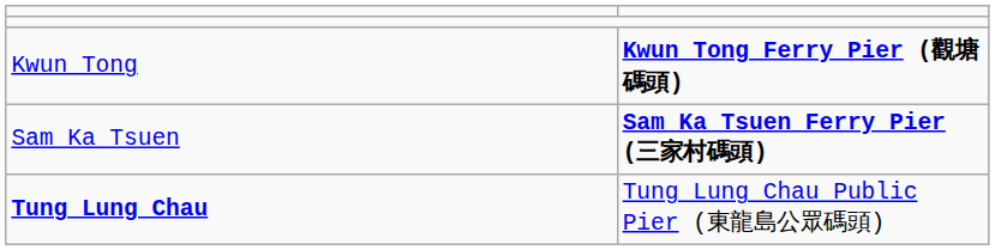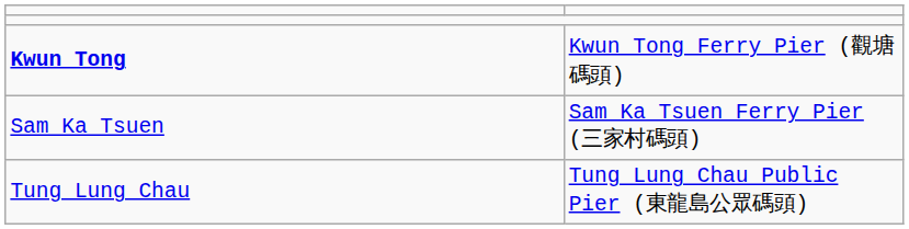 <table class="wikitable">
 <tr>
 <td style="width:250pt;"></td>
 <td style="width:150pt;"></td>
 </tr>
 <tr style="background:#">
 <td colspan = "7"></td>
 </tr>
 <tr>
-<td><a href='#'>Kwun Tong</a></td>
-<td><strong><a href='#'>Kwun Tong Ferry Pier</a> (觀塘碼頭)</strong></td>
+<td><strong><a href='#'>Kwun Tong</a></strong></td>
+<td><a href='#'>Kwun Tong Ferry Pier</a> (觀塘碼頭)</td>
 </tr>
 <tr>
 <td><a href='#'>Sam Ka Tsuen</a></td>
-<td><strong><a href='#'>Sam Ka Tsuen Ferry Pier</a> (三家村碼頭)</strong></td>
+<td><a href='#'>Sam Ka Tsuen Ferry Pier</a> (三家村碼頭)</td>
 </tr>
 <tr>
-<td><strong><a href='#'>Tung Lung Chau</a></strong></td>
+<td><a href='#'>Tung Lung Chau</a></td>
 <td><a href='#'>Tung Lung Chau Public Pier</a> (東龍島公眾碼頭)</td>
 </tr>
 </table>
